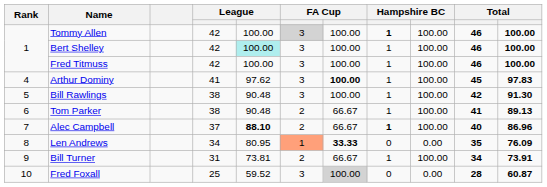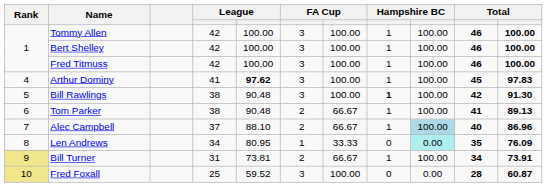 <table class="wikitable plainrowheaders" style="text-align:center;">
 <tr>
 <th scope="col" rowspan="2" style="width:4em;">Rank</th>
 <th scope="col" rowspan="2" style="width:10em;">Name</th>
 <th scope="col" rowspan="2" style="width:4em;"></th>
 <th scope="col" colspan="2">League</th>
 <th scope="col" colspan="2">FA Cup</th>
 <th scope="col" colspan="2">Hampshire BC</th>
 <th scope="col" colspan="2">Total</th>
 </tr>
 <tr>
 <th scope="col" style="width:4em;"></th>
 <th scope="col" style="width:4em;"></th>
 <th scope="col" style="width:4em;"></th>
 <th scope="col" style="width:4em;"></th>
 <th scope="col" style="width:4em;"></th>
 <th scope="col" style="width:4em;"></th>
 <th scope="col" style="width:4em;"></th>
 <th scope="col" style="width:4em;"></th>
 </tr>
 <tr>
 <td rowspan="3">1</td>
 <td align="left"><a href='#'>Tommy Allen</a></td>
 <td></td>
 <td>42</td>
 <td>100.00</td>
-<td style="background: lightgrey;">3</td>
+<td>3</td>
 <td>100.00</td>
-<td><strong>1</strong></td>
+<td>1</td>
 <td>100.00</td>
 <td><strong>46</strong></td>
 <td><strong>100.00</strong></td>
 </tr>
 <tr>
 <td align="left"><a href='#'>Bert Shelley</a></td>
 <td></td>
 <td>42</td>
-<td style="background: paleturquoise;">100.00</td>
+<td>100.00</td>
 <td>3</td>
 <td>100.00</td>
 <td>1</td>
 <td>100.00</td>
 <td><strong>46</strong></td>
 <td><strong>100.00</strong></td>
 </tr>
 <tr>
 <td align="left"><a href='#'>Fred Titmuss</a></td>
 <td></td>
 <td>42</td>
 <td>100.00</td>
 <td>3</td>
 <td>100.00</td>
 <td>1</td>
 <td>100.00</td>
 <td><strong>46</strong></td>
 <td><strong>100.00</strong></td>
 </tr>
 <tr>
 <td>4</td>
 <td align="left"><a href='#'>Arthur Dominy</a></td>
 <td></td>
 <td>41</td>
-<td>97.62</td>
+<td><strong>97.62</strong></td>
 <td>3</td>
-<td><strong>100.00</strong></td>
+<td>100.00</td>
 <td>1</td>
 <td>100.00</td>
 <td><strong>45</strong></td>
 <td><strong>97.83</strong></td>
 </tr>
 <tr>
 <td>5</td>
 <td align="left"><a href='#'>Bill Rawlings</a></td>
 <td></td>
 <td>38</td>
 <td>90.48</td>
 <td>3</td>
 <td>100.00</td>
-<td>1</td>
+<td><strong>1</strong></td>
 <td>100.00</td>
 <td><strong>42</strong></td>
 <td><strong>91.30</strong></td>
 </tr>
 <tr>
 <td>6</td>
 <td align="left"><a href='#'>Tom Parker</a></td>
 <td></td>
 <td>38</td>
 <td>90.48</td>
 <td>2</td>
 <td>66.67</td>
 <td>1</td>
 <td>100.00</td>
 <td><strong>41</strong></td>
 <td><strong>89.13</strong></td>
 </tr>
 <tr>
 <td>7</td>
 <td align="left"><a href='#'>Alec Campbell</a></td>
 <td></td>
 <td>37</td>
-<td><strong>88.10</strong></td>
+<td>88.10</td>
 <td>2</td>
 <td>66.67</td>
-<td><strong>1</strong></td>
-<td>100.00</td>
+<td>1</td>
+<td style="background: lightblue;">100.00</td>
 <td><strong>40</strong></td>
 <td><strong>86.96</strong></td>
 </tr>
 <tr>
 <td>8</td>
 <td align="left"><a href='#'>Len Andrews</a></td>
 <td></td>
 <td>34</td>
 <td>80.95</td>
-<td style="background: lightsalmon;">1</td>
-<td><strong>33.33</strong></td>
+<td>1</td>
+<td>33.33</td>
 <td>0</td>
-<td>0.00</td>
+<td style="background: paleturquoise;">0.00</td>
 <td><strong>35</strong></td>
 <td><strong>76.09</strong></td>
 </tr>
 <tr>
-<td>9</td>
+<td style="background: khaki;">9</td>
 <td align="left"><a href='#'>Bill Turner</a></td>
 <td></td>
 <td>31</td>
 <td>73.81</td>
 <td>2</td>
 <td>66.67</td>
 <td>1</td>
 <td>100.00</td>
 <td><strong>34</strong></td>
 <td><strong>73.91</strong></td>
 </tr>
 <tr>
-<td>10</td>
+<td style="background: khaki;">10</td>
 <td align="left"><a href='#'>Fred Foxall</a></td>
 <td></td>
 <td>25</td>
 <td>59.52</td>
 <td>3</td>
-<td style="background: lightgrey;">100.00</td>
+<td>100.00</td>
 <td>0</td>
 <td>0.00</td>
 <td><strong>28</strong></td>
 <td><strong>60.87</strong></td>
 </tr>
 </table>
